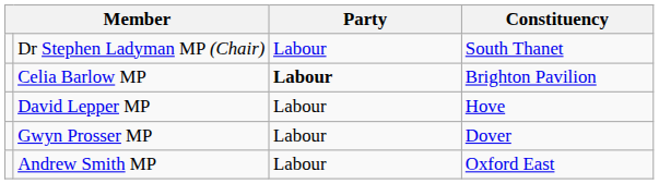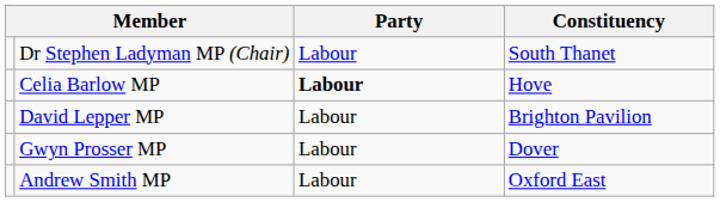 <table class="wikitable">
 <tr>
 <th width="160px" colspan="2">Member</th>
 <th width="160px" colspan="1">Party</th>
 <th width="160px" colspan="2">Constituency</th>
 </tr>
 <tr>
 <td style="color:inherit;background:"></td>
 <td>Dr <a href='#'>Stephen Ladyman</a> MP <em>(Chair)</em></td>
 <td><a href='#'>Labour</a></td>
 <td><a href='#'>South Thanet</a></td>
 </tr>
 <tr>
 <td style="color:inherit;background:"></td>
 <td><a href='#'>Celia Barlow</a> MP</td>
 <td><strong>Labour</strong></td>
-<td><a href='#'>Brighton Pavilion</a></td>
+<td><a href='#'>Hove</a></td>
 </tr>
 <tr>
 <td style="color:inherit;background:"></td>
 <td><a href='#'>David Lepper</a> MP</td>
 <td>Labour</td>
-<td><a href='#'>Hove</a></td>
+<td><a href='#'>Brighton Pavilion</a></td>
 </tr>
 <tr>
 <td style="color:inherit;background:"></td>
 <td><a href='#'>Gwyn Prosser</a> MP</td>
 <td>Labour</td>
 <td><a href='#'>Dover</a></td>
 </tr>
 <tr>
 <td style="color:inherit;background:"></td>
 <td><a href='#'>Andrew Smith</a> MP</td>
 <td>Labour</td>
 <td><a href='#'>Oxford East</a></td>
 </tr>
 </table>
